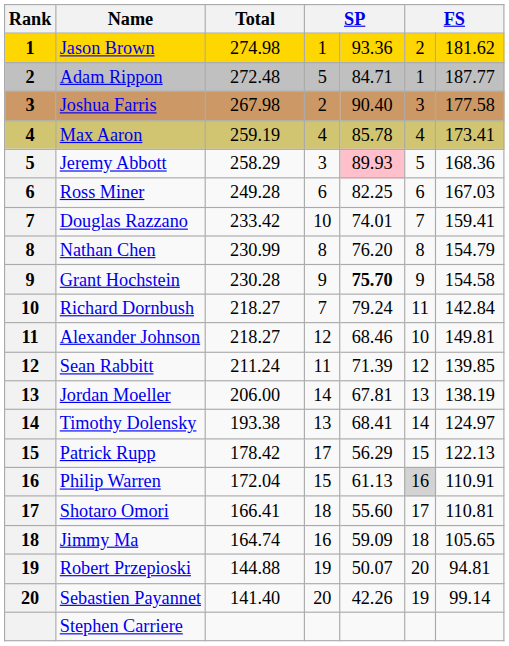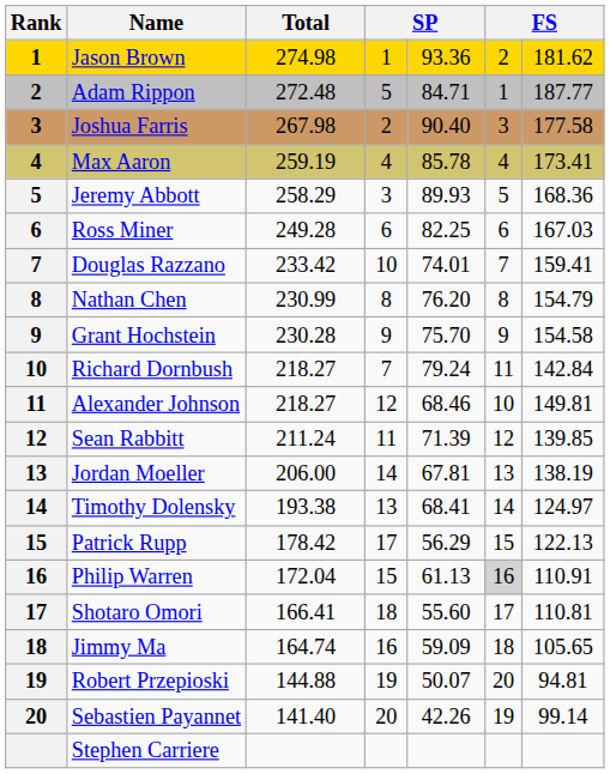 <table class="wikitable sortable">
 <tr>
 <th>Rank</th>
 <th>Name</th>
 <th width="80px">Total</th>
 <th colspan="2" width="80px"><a href='#'>SP</a></th>
 <th colspan="2" width="80px"><a href='#'>FS</a></th>
 </tr>
 <tr bgcolor="gold">
 <td align="center"><strong>1</strong></td>
 <td><a href='#'>Jason Brown</a></td>
 <td align="center">274.98</td>
 <td align="center">1</td>
 <td align="center">93.36</td>
 <td align="center">2</td>
 <td align="center">181.62</td>
 </tr>
 <tr bgcolor="silver">
 <td align="center"><strong>2</strong></td>
 <td><a href='#'>Adam Rippon</a></td>
 <td align="center">272.48</td>
 <td align="center">5</td>
 <td align="center">84.71</td>
 <td align="center">1</td>
 <td align="center">187.77</td>
 </tr>
 <tr bgcolor="cc9966">
 <td align="center"><strong>3</strong></td>
 <td><a href='#'>Joshua Farris</a></td>
 <td align="center">267.98</td>
 <td align="center">2</td>
 <td align="center">90.40</td>
 <td align="center">3</td>
 <td align="center">177.58</td>
 </tr>
 <tr bgcolor="#d1c571">
 <td align="center"><strong>4</strong></td>
 <td><a href='#'>Max Aaron</a></td>
 <td align="center">259.19</td>
 <td align="center">4</td>
 <td align="center">85.78</td>
 <td align="center">4</td>
 <td align="center">173.41</td>
 </tr>
 <tr>
 <th>5</th>
 <td><a href='#'>Jeremy Abbott</a></td>
 <td align="center">258.29</td>
 <td align="center">3</td>
-<td align="center" style="background: pink;">89.93</td>
+<td align="center">89.93</td>
 <td align="center">5</td>
 <td align="center">168.36</td>
 </tr>
 <tr>
 <th>6</th>
 <td><a href='#'>Ross Miner</a></td>
 <td align="center">249.28</td>
 <td align="center">6</td>
 <td align="center">82.25</td>
 <td align="center">6</td>
 <td align="center">167.03</td>
 </tr>
 <tr>
 <th>7</th>
 <td><a href='#'>Douglas Razzano</a></td>
 <td align="center">233.42</td>
 <td align="center">10</td>
 <td align="center">74.01</td>
 <td align="center">7</td>
 <td align="center">159.41</td>
 </tr>
 <tr>
 <th>8</th>
 <td><a href='#'>Nathan Chen</a></td>
 <td align="center">230.99</td>
 <td align="center">8</td>
 <td align="center">76.20</td>
 <td align="center">8</td>
 <td align="center">154.79</td>
 </tr>
 <tr>
 <th>9</th>
 <td><a href='#'>Grant Hochstein</a></td>
 <td align="center">230.28</td>
 <td align="center">9</td>
-<td align="center"><strong>75.70</strong></td>
+<td align="center">75.70</td>
 <td align="center">9</td>
 <td align="center">154.58</td>
 </tr>
 <tr>
 <th>10</th>
 <td><a href='#'>Richard Dornbush</a></td>
 <td align="center">218.27</td>
 <td align="center">7</td>
 <td align="center">79.24</td>
 <td align="center">11</td>
 <td align="center">142.84</td>
 </tr>
 <tr>
 <th>11</th>
 <td><a href='#'>Alexander Johnson</a></td>
 <td align="center">218.27</td>
 <td align="center">12</td>
 <td align="center">68.46</td>
 <td align="center">10</td>
 <td align="center">149.81</td>
 </tr>
 <tr>
 <th>12</th>
 <td><a href='#'>Sean Rabbitt</a></td>
 <td align="center">211.24</td>
 <td align="center">11</td>
 <td align="center">71.39</td>
 <td align="center">12</td>
 <td align="center">139.85</td>
 </tr>
 <tr>
 <th>13</th>
 <td><a href='#'>Jordan Moeller</a></td>
 <td align="center">206.00</td>
 <td align="center">14</td>
 <td align="center">67.81</td>
 <td align="center">13</td>
 <td align="center">138.19</td>
 </tr>
 <tr>
 <th>14</th>
 <td><a href='#'>Timothy Dolensky</a></td>
 <td align="center">193.38</td>
 <td align="center">13</td>
 <td align="center">68.41</td>
 <td align="center">14</td>
 <td align="center">124.97</td>
 </tr>
 <tr>
 <th>15</th>
 <td><a href='#'>Patrick Rupp</a></td>
 <td align="center">178.42</td>
 <td align="center">17</td>
 <td align="center">56.29</td>
 <td align="center">15</td>
 <td align="center">122.13</td>
 </tr>
 <tr>
 <th>16</th>
 <td><a href='#'>Philip Warren</a></td>
 <td align="center">172.04</td>
 <td align="center">15</td>
 <td align="center">61.13</td>
 <td align="center" style="background: lightgrey;">16</td>
 <td align="center">110.91</td>
 </tr>
 <tr>
 <th>17</th>
 <td><a href='#'>Shotaro Omori</a></td>
 <td align="center">166.41</td>
 <td align="center">18</td>
 <td align="center">55.60</td>
 <td align="center">17</td>
 <td align="center">110.81</td>
 </tr>
 <tr>
 <th>18</th>
 <td><a href='#'>Jimmy Ma</a></td>
 <td align="center">164.74</td>
 <td align="center">16</td>
 <td align="center">59.09</td>
 <td align="center">18</td>
 <td align="center">105.65</td>
 </tr>
 <tr>
 <th>19</th>
 <td><a href='#'>Robert Przepioski</a></td>
 <td align="center">144.88</td>
 <td align="center">19</td>
 <td align="center">50.07</td>
 <td align="center">20</td>
 <td align="center">94.81</td>
 </tr>
 <tr>
 <th>20</th>
 <td><a href='#'>Sebastien Payannet</a></td>
 <td align="center">141.40</td>
 <td align="center">20</td>
 <td align="center">42.26</td>
 <td align="center">19</td>
 <td align="center">99.14</td>
 </tr>
 <tr>
 <th></th>
 <td><a href='#'>Stephen Carriere</a></td>
 <td align="center"></td>
 <td align="center"></td>
 <td align="center"></td>
 <td align="center"></td>
 <td align="center"></td>
 </tr>
 </table>
